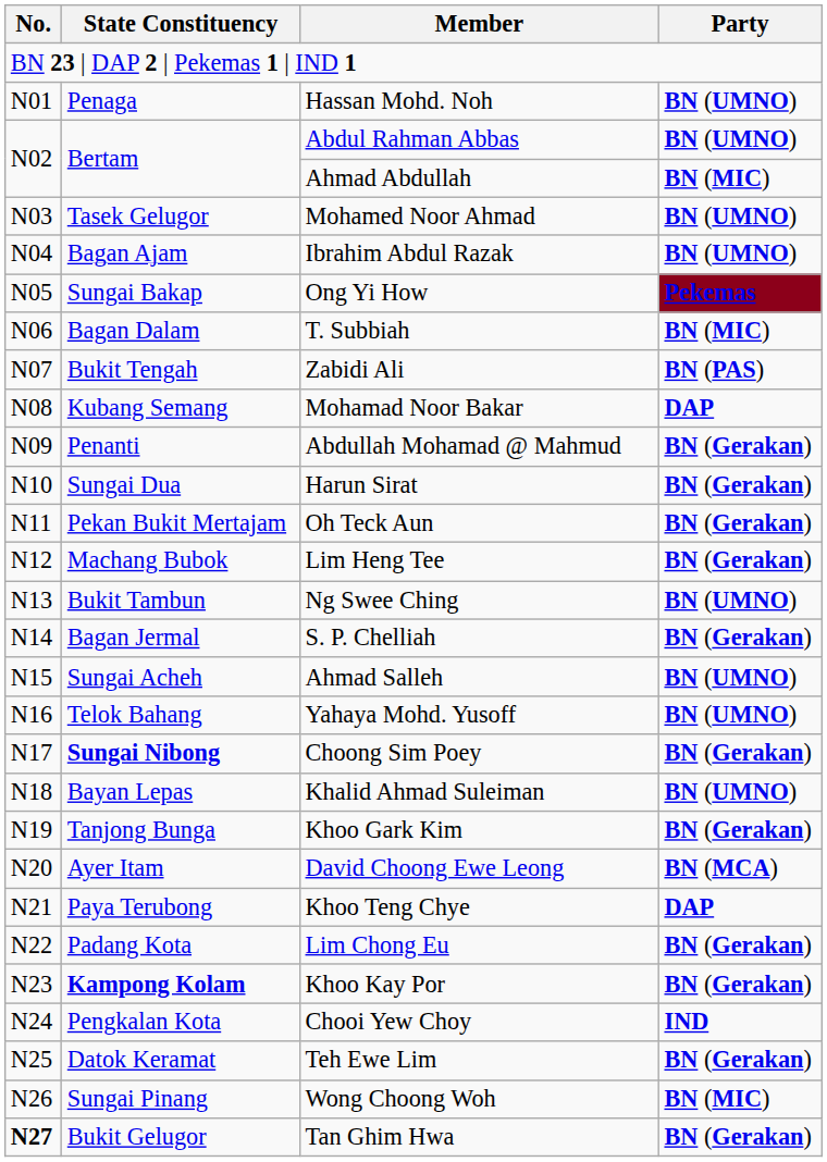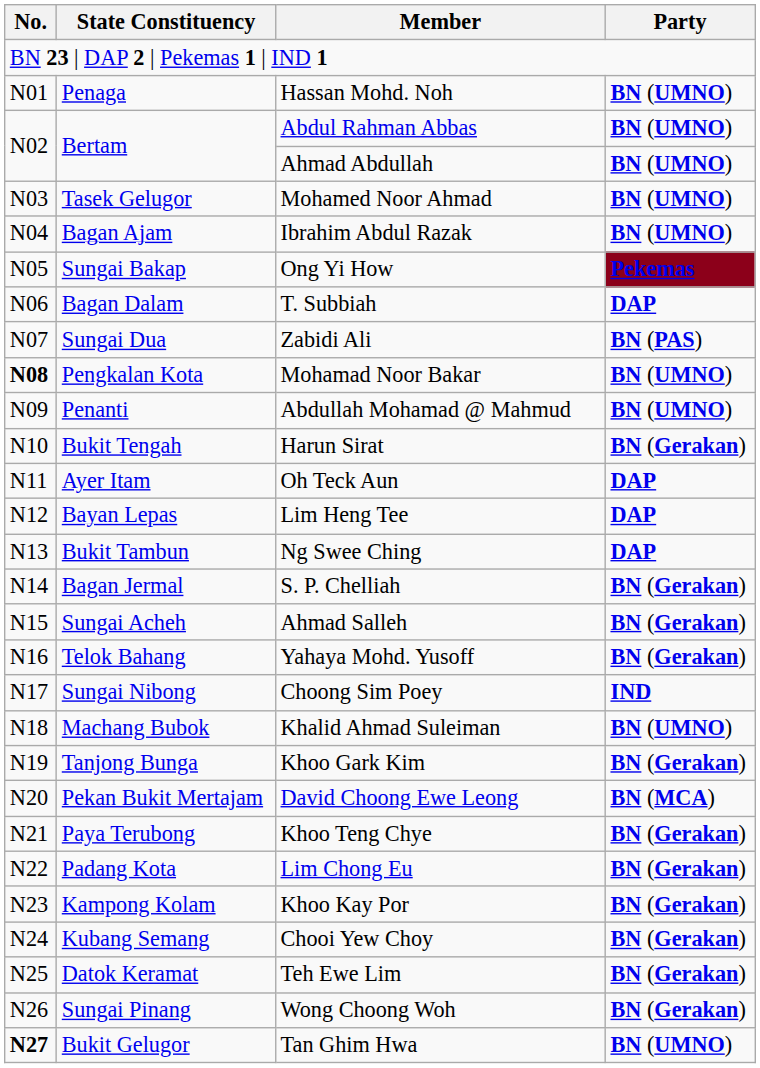 <table class="wikitable sortable">
 <tr>
 <th style="width:30px;">No.</th>
 <th style="width:150px;">State Constituency</th>
 <th style="width:230px;">Member</th>
 <th style="width:100px;">Party</th>
 </tr>
 <tr>
 <td colspan="4"><a href='#'>BN</a> <strong>23</strong> | <a href='#'>DAP</a> <strong>2</strong> | <a href='#'>Pekemas</a> <strong>1</strong> | <a href='#'>IND</a> <strong>1</strong></td>
 </tr>
 <tr>
 <td>N01</td>
 <td><a href='#'>Penaga</a></td>
 <td>Hassan Mohd. Noh</td>
 <td><strong><a href='#'>BN</a></strong> (<strong><a href='#'>UMNO</a></strong>)</td>
 </tr>
 <tr>
 <td rowspan=2>N02</td>
 <td rowspan=2><a href='#'>Bertam</a></td>
 <td><a href='#'>Abdul Rahman Abbas</a> </td>
 <td><strong><a href='#'>BN</a></strong> (<strong><a href='#'>UMNO</a></strong>)</td>
 </tr>
 <tr>
 <td>Ahmad Abdullah </td>
-<td><strong><a href='#'>BN</a></strong> (<strong><a href='#'>MIC</a></strong>)</td>
+<td><strong><a href='#'>BN</a></strong> (<strong><a href='#'>UMNO</a></strong>)</td>
 </tr>
 <tr>
 <td>N03</td>
 <td><a href='#'>Tasek Gelugor</a></td>
 <td>Mohamed Noor Ahmad</td>
 <td><strong><a href='#'>BN</a></strong> (<strong><a href='#'>UMNO</a></strong>)</td>
 </tr>
 <tr>
 <td>N04</td>
 <td><a href='#'>Bagan Ajam</a></td>
 <td>Ibrahim Abdul Razak</td>
 <td><strong><a href='#'>BN</a></strong> (<strong><a href='#'>UMNO</a></strong>)</td>
 </tr>
 <tr>
 <td>N05</td>
 <td><a href='#'>Sungai Bakap</a></td>
 <td>Ong Yi How</td>
 <td bgcolor=#8C001A><strong><a href='#'>Pekemas</a></strong></td>
 </tr>
 <tr>
 <td>N06</td>
 <td><a href='#'>Bagan Dalam</a></td>
 <td>T. Subbiah</td>
-<td><strong><a href='#'>BN</a></strong> (<strong><a href='#'>MIC</a></strong>)</td>
+<td><strong><a href='#'>DAP</a></strong></td>
 </tr>
 <tr>
 <td>N07</td>
-<td><a href='#'>Bukit Tengah</a></td>
+<td><a href='#'>Sungai Dua</a></td>
 <td>Zabidi Ali</td>
 <td><strong><a href='#'>BN</a></strong> (<strong><a href='#'>PAS</a></strong>)</td>
 </tr>
 <tr>
-<td>N08</td>
-<td><a href='#'>Kubang Semang</a></td>
+<td><strong>N08</strong></td>
+<td><a href='#'>Pengkalan Kota</a></td>
 <td>Mohamad Noor Bakar</td>
-<td><strong><a href='#'>DAP</a></strong></td>
+<td><strong><a href='#'>BN</a></strong> (<strong><a href='#'>UMNO</a></strong>)</td>
 </tr>
 <tr>
 <td>N09</td>
 <td><a href='#'>Penanti</a></td>
 <td>Abdullah Mohamad @ Mahmud</td>
-<td><strong><a href='#'>BN</a></strong> (<strong><a href='#'>Gerakan</a></strong>)</td>
+<td><strong><a href='#'>BN</a></strong> (<strong><a href='#'>UMNO</a></strong>)</td>
 </tr>
 <tr>
 <td>N10</td>
-<td><a href='#'>Sungai Dua</a></td>
+<td><a href='#'>Bukit Tengah</a></td>
 <td>Harun Sirat</td>
 <td><strong><a href='#'>BN</a></strong> (<strong><a href='#'>Gerakan</a></strong>)</td>
 </tr>
 <tr>
 <td>N11</td>
-<td><a href='#'>Pekan Bukit Mertajam</a></td>
+<td><a href='#'>Ayer Itam</a></td>
 <td>Oh Teck Aun</td>
-<td><strong><a href='#'>BN</a></strong> (<strong><a href='#'>Gerakan</a></strong>)</td>
+<td><strong><a href='#'>DAP</a></strong></td>
 </tr>
 <tr>
 <td>N12</td>
-<td><a href='#'>Machang Bubok</a></td>
+<td><a href='#'>Bayan Lepas</a></td>
 <td>Lim Heng Tee</td>
-<td><strong><a href='#'>BN</a></strong> (<strong><a href='#'>Gerakan</a></strong>)</td>
+<td><strong><a href='#'>DAP</a></strong></td>
 </tr>
 <tr>
 <td>N13</td>
 <td><a href='#'>Bukit Tambun</a></td>
 <td>Ng Swee Ching</td>
-<td><strong><a href='#'>BN</a></strong> (<strong><a href='#'>UMNO</a></strong>)</td>
+<td><strong><a href='#'>DAP</a></strong></td>
 </tr>
 <tr>
 <td>N14</td>
 <td><a href='#'>Bagan Jermal</a></td>
 <td>S. P. Chelliah</td>
 <td><strong><a href='#'>BN</a></strong> (<strong><a href='#'>Gerakan</a></strong>)</td>
 </tr>
 <tr>
 <td>N15</td>
 <td><a href='#'>Sungai Acheh</a></td>
 <td>Ahmad Salleh</td>
-<td><strong><a href='#'>BN</a></strong> (<strong><a href='#'>UMNO</a></strong>)</td>
+<td><strong><a href='#'>BN</a></strong> (<strong><a href='#'>Gerakan</a></strong>)</td>
 </tr>
 <tr>
 <td>N16</td>
 <td><a href='#'>Telok Bahang</a></td>
 <td>Yahaya Mohd. Yusoff</td>
-<td><strong><a href='#'>BN</a></strong> (<strong><a href='#'>UMNO</a></strong>)</td>
+<td><strong><a href='#'>BN</a></strong> (<strong><a href='#'>Gerakan</a></strong>)</td>
 </tr>
 <tr>
 <td>N17</td>
-<td><strong><a href='#'>Sungai Nibong</a></strong></td>
+<td><a href='#'>Sungai Nibong</a></td>
 <td>Choong Sim Poey</td>
-<td><strong><a href='#'>BN</a></strong> (<strong><a href='#'>Gerakan</a></strong>)</td>
+<td><strong><a href='#'>IND</a></strong></td>
 </tr>
 <tr>
 <td>N18</td>
-<td><a href='#'>Bayan Lepas</a></td>
+<td><a href='#'>Machang Bubok</a></td>
 <td>Khalid Ahmad Suleiman</td>
 <td><strong><a href='#'>BN</a></strong> (<strong><a href='#'>UMNO</a></strong>)</td>
 </tr>
 <tr>
 <td>N19</td>
 <td><a href='#'>Tanjong Bunga</a></td>
 <td>Khoo Gark Kim</td>
 <td><strong><a href='#'>BN</a></strong> (<strong><a href='#'>Gerakan</a></strong>)</td>
 </tr>
 <tr>
 <td>N20</td>
-<td><a href='#'>Ayer Itam</a></td>
+<td><a href='#'>Pekan Bukit Mertajam</a></td>
 <td><a href='#'>David Choong Ewe Leong</a></td>
 <td><strong><a href='#'>BN</a></strong> (<strong><a href='#'>MCA</a></strong>)</td>
 </tr>
 <tr>
 <td>N21</td>
 <td><a href='#'>Paya Terubong</a></td>
 <td>Khoo Teng Chye</td>
-<td><strong><a href='#'>DAP</a></strong></td>
+<td><strong><a href='#'>BN</a></strong> (<strong><a href='#'>Gerakan</a></strong>)</td>
 </tr>
 <tr>
 <td>N22</td>
 <td><a href='#'>Padang Kota</a></td>
 <td><a href='#'>Lim Chong Eu</a></td>
 <td><strong><a href='#'>BN</a></strong> (<strong><a href='#'>Gerakan</a></strong>)</td>
 </tr>
 <tr>
 <td>N23</td>
-<td><strong><a href='#'>Kampong Kolam</a></strong></td>
+<td><a href='#'>Kampong Kolam</a></td>
 <td>Khoo Kay Por</td>
 <td><strong><a href='#'>BN</a></strong> (<strong><a href='#'>Gerakan</a></strong>)</td>
 </tr>
 <tr>
 <td>N24</td>
-<td><a href='#'>Pengkalan Kota</a></td>
+<td><a href='#'>Kubang Semang</a></td>
 <td>Chooi Yew Choy</td>
-<td><strong><a href='#'>IND</a></strong></td>
+<td><strong><a href='#'>BN</a></strong> (<strong><a href='#'>Gerakan</a></strong>)</td>
 </tr>
 <tr>
 <td>N25</td>
 <td><a href='#'>Datok Keramat</a></td>
 <td>Teh Ewe Lim</td>
 <td><strong><a href='#'>BN</a></strong> (<strong><a href='#'>Gerakan</a></strong>)</td>
 </tr>
 <tr>
 <td>N26</td>
 <td><a href='#'>Sungai Pinang</a></td>
 <td>Wong Choong Woh</td>
-<td><strong><a href='#'>BN</a></strong> (<strong><a href='#'>MIC</a></strong>)</td>
+<td><strong><a href='#'>BN</a></strong> (<strong><a href='#'>Gerakan</a></strong>)</td>
 </tr>
 <tr>
 <td><strong>N27</strong></td>
 <td><a href='#'>Bukit Gelugor</a></td>
 <td>Tan Ghim Hwa</td>
-<td><strong><a href='#'>BN</a></strong> (<strong><a href='#'>Gerakan</a></strong>)</td>
+<td><strong><a href='#'>BN</a></strong> (<strong><a href='#'>UMNO</a></strong>)</td>
 </tr>
 </table>
